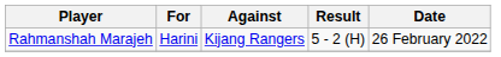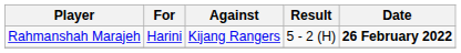 <table class="wikitable">
 <tr>
 <th>Player</th>
 <th>For</th>
 <th>Against</th>
 <th style="text-align:center">Result</th>
 <th>Date</th>
 </tr>
 <tr>
 <td><a href='#'>Rahmanshah Marajeh</a></td>
 <td><a href='#'>Harini</a></td>
 <td><a href='#'>Kijang Rangers</a></td>
 <td>5 - 2 (H)</td>
-<td>26 February 2022</td>
+<td><strong>26 February 2022</strong></td>
 </tr>
 <tr>
 </tr>
 </table>
